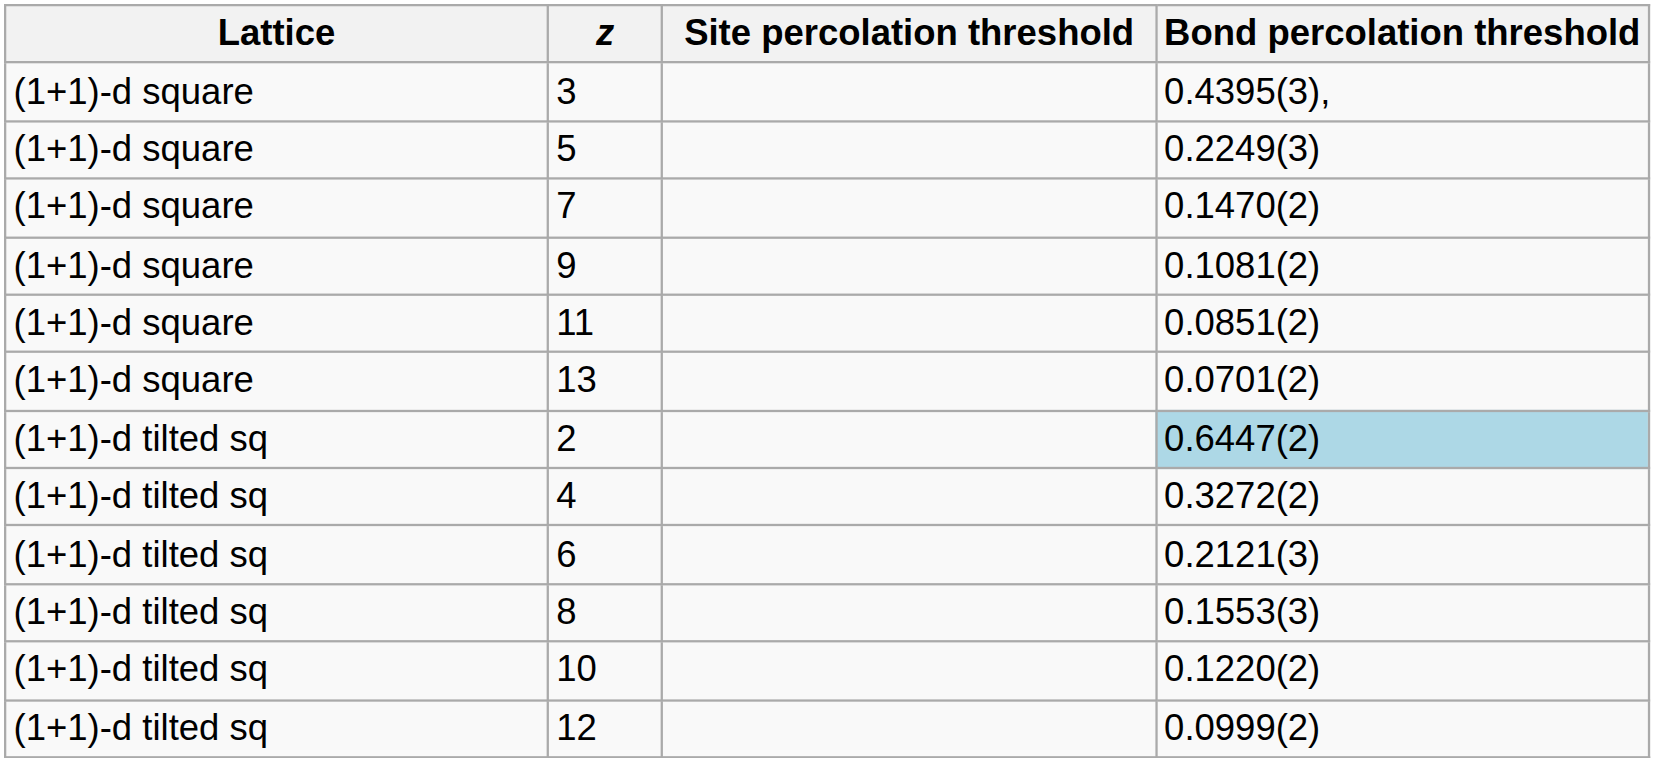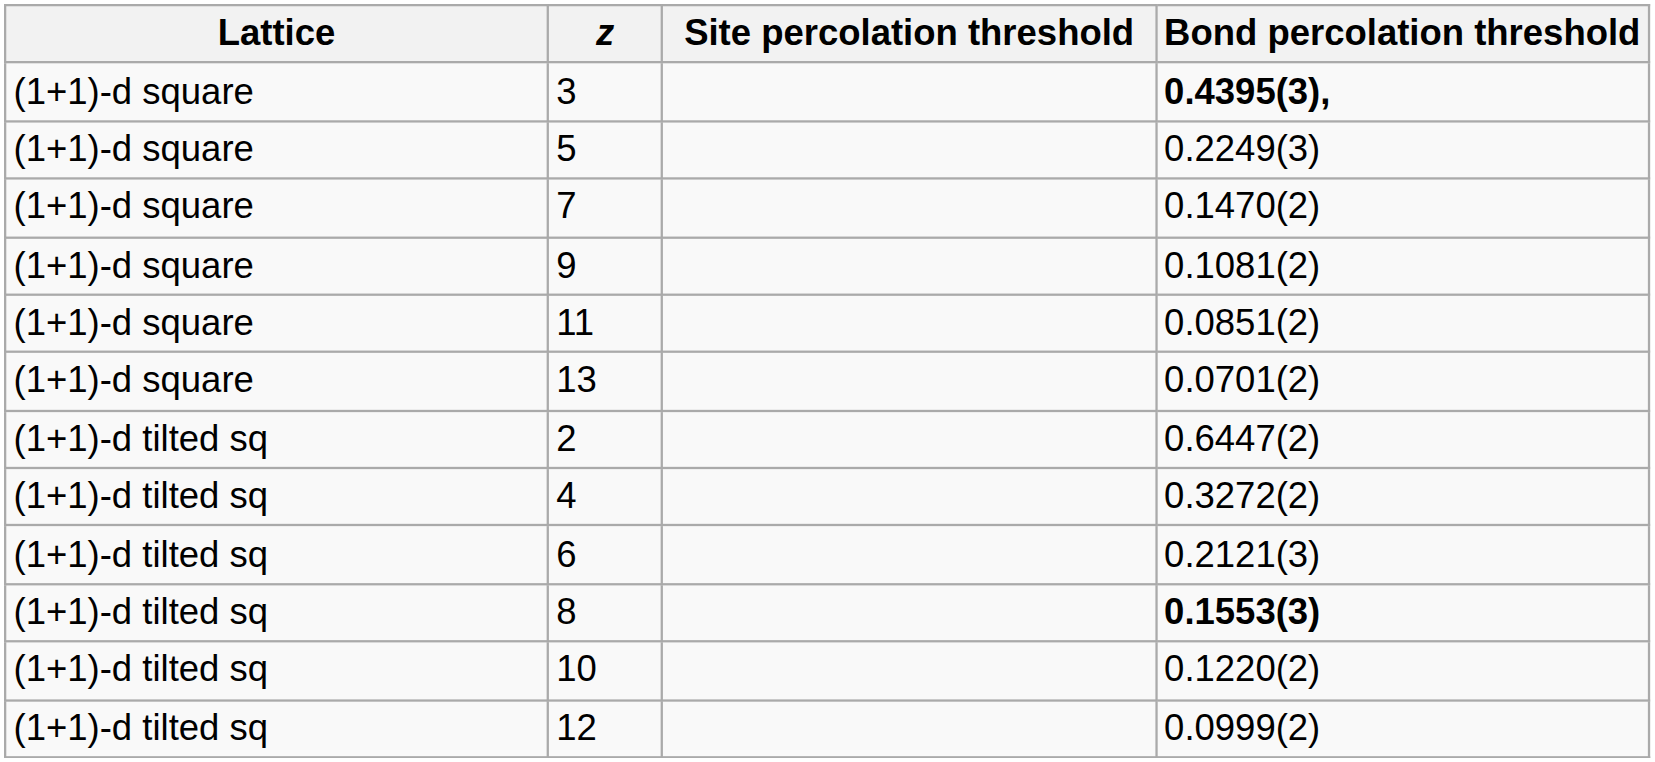 <table class="wikitable">
 <tr>
 <th>Lattice</th>
 <th><em>z</em></th>
 <th width=30%>Site percolation threshold</th>
 <th width=30%>Bond percolation threshold</th>
 </tr>
 <tr>
 <td>(1+1)-d square</td>
 <td>3</td>
 <td></td>
-<td>0.4395(3),</td>
+<td><strong>0.4395(3),</strong></td>
 </tr>
 <tr>
 <td>(1+1)-d square</td>
 <td>5</td>
 <td></td>
 <td>0.2249(3)</td>
 </tr>
 <tr>
 <td>(1+1)-d square</td>
 <td>7</td>
 <td></td>
 <td>0.1470(2)</td>
 </tr>
 <tr>
 <td>(1+1)-d square</td>
 <td>9</td>
 <td></td>
 <td>0.1081(2)</td>
 </tr>
 <tr>
 <td>(1+1)-d square</td>
 <td>11</td>
 <td></td>
 <td>0.0851(2)</td>
 </tr>
 <tr>
 <td>(1+1)-d square</td>
 <td>13</td>
 <td></td>
 <td>0.0701(2)</td>
 </tr>
 <tr>
 <td>(1+1)-d tilted sq</td>
 <td>2</td>
 <td></td>
-<td style="background: lightblue;">0.6447(2)</td>
+<td>0.6447(2)</td>
 </tr>
 <tr>
 <td>(1+1)-d tilted sq</td>
 <td>4</td>
 <td></td>
 <td>0.3272(2)</td>
 </tr>
 <tr>
 <td>(1+1)-d tilted sq</td>
 <td>6</td>
 <td></td>
 <td>0.2121(3)</td>
 </tr>
 <tr>
 <td>(1+1)-d tilted sq</td>
 <td>8</td>
 <td></td>
-<td>0.1553(3)</td>
+<td><strong>0.1553(3)</strong></td>
 </tr>
 <tr>
 <td>(1+1)-d tilted sq</td>
 <td>10</td>
 <td></td>
 <td>0.1220(2)</td>
 </tr>
 <tr>
 <td>(1+1)-d tilted sq</td>
 <td>12</td>
 <td></td>
 <td>0.0999(2)</td>
 </tr>
 <tr>
 </tr>
 </table>
